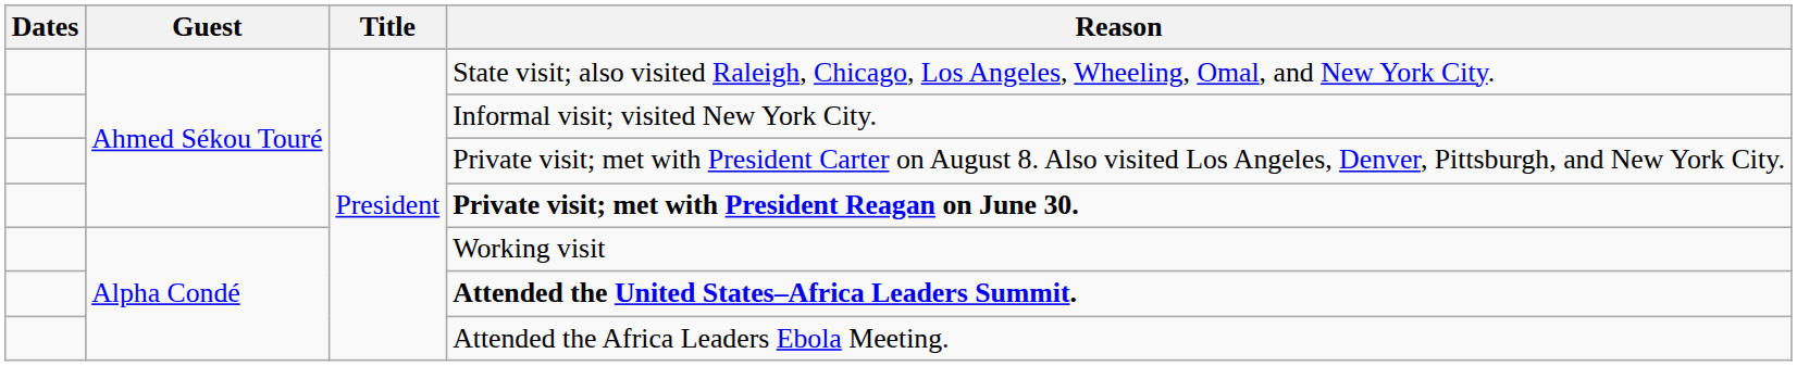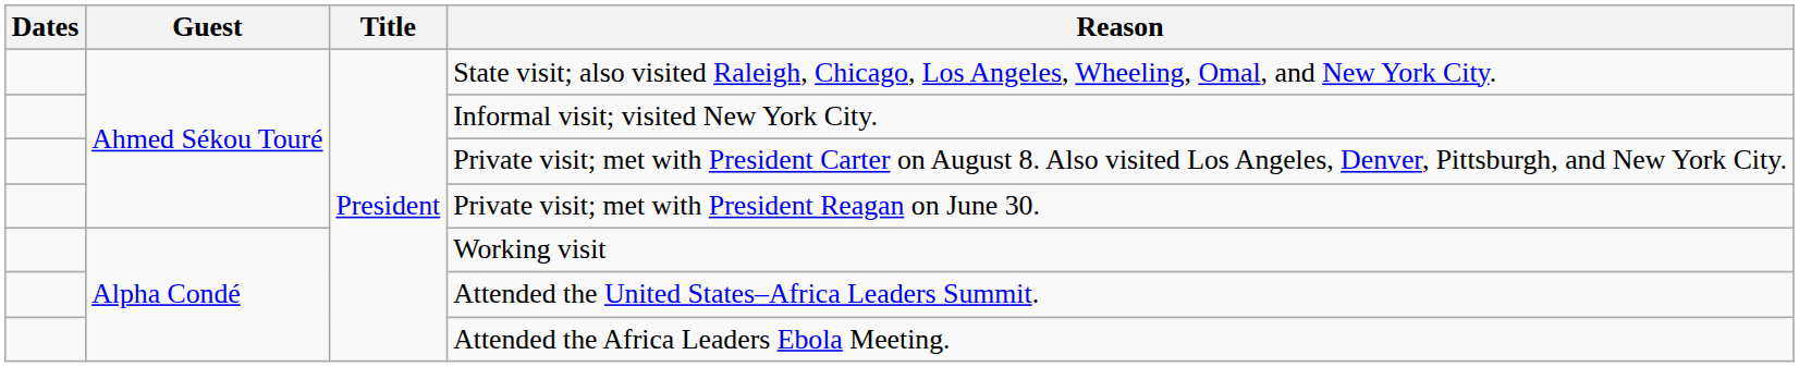 <table class="wikitable sortable">
 <tr>
 <th>Dates</th>
 <th>Guest</th>
 <th>Title</th>
 <th>Reason</th>
 </tr>
 <tr>
 <td></td>
 <td rowspan=4><a href='#'>Ahmed Sékou Touré</a></td>
 <td rowspan=7><a href='#'>President</a></td>
 <td>State visit; also visited <a href='#'>Raleigh</a>, <a href='#'>Chicago</a>, <a href='#'>Los Angeles</a>, <a href='#'>Wheeling</a>, <a href='#'>Omal</a>, and <a href='#'>New York City</a>.</td>
 </tr>
 <tr>
 <td></td>
 <td>Informal visit; visited New York City.</td>
 </tr>
 <tr>
 <td></td>
 <td>Private visit; met with <a href='#'>President Carter</a> on August 8. Also visited Los Angeles, <a href='#'>Denver</a>, Pittsburgh, and New York City.</td>
 </tr>
 <tr>
 <td></td>
-<td><strong>Private visit; met with <a href='#'>President Reagan</a> on June 30.</strong></td>
+<td>Private visit; met with <a href='#'>President Reagan</a> on June 30.</td>
 </tr>
 <tr>
 <td></td>
 <td rowspan=3><a href='#'>Alpha Condé</a></td>
 <td>Working visit</td>
 </tr>
 <tr>
 <td></td>
-<td><strong>Attended the <a href='#'>United States–Africa Leaders Summit</a>.</strong></td>
+<td>Attended the <a href='#'>United States–Africa Leaders Summit</a>.</td>
 </tr>
 <tr>
 <td></td>
 <td>Attended the Africa Leaders <a href='#'>Ebola</a> Meeting.</td>
 </tr>
 </table>
